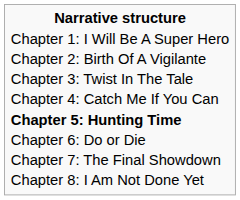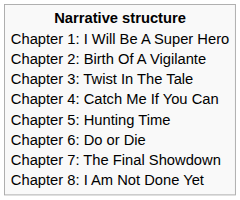 <table class="infobox">
 <tr>
 <th style="font-size:100%; text-align: center;">Narrative structure</th>
 </tr>
 <tr>
 <td>Chapter 1: I Will Be A Super Hero</td>
 </tr>
 <tr>
 <td>Chapter 2: Birth Of A Vigilante</td>
 </tr>
 <tr>
 <td>Chapter 3: Twist In The Tale</td>
 </tr>
 <tr>
 <td>Chapter 4: Catch Me If You Can</td>
 </tr>
 <tr>
-<td><strong>Chapter 5: Hunting Time</strong></td>
+<td>Chapter 5: Hunting Time</td>
 </tr>
 <tr>
 <td>Chapter 6: Do or Die</td>
 </tr>
 <tr>
 <td>Chapter 7: The Final Showdown</td>
 </tr>
 <tr>
 <td>Chapter 8: I Am Not Done Yet</td>
 </tr>
 </table>
